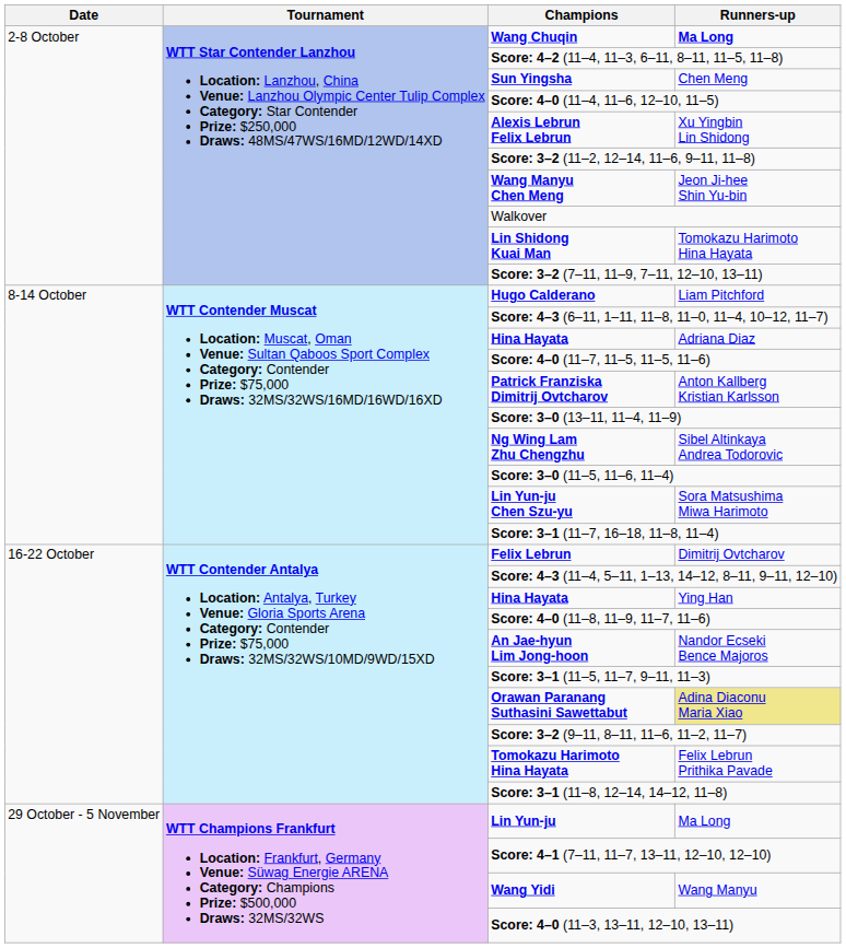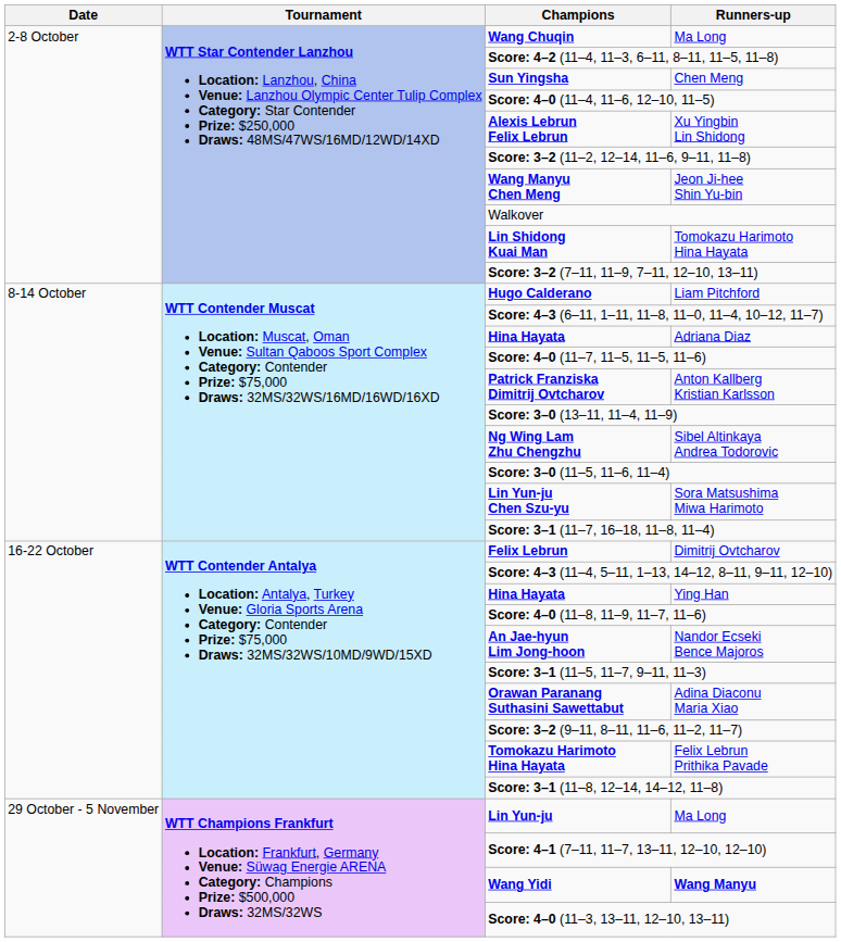 <table class="wikitable">
 <tr>
 <th scope=col>Date</th>
 <th scope=col>Tournament</th>
 <th scope=col>Champions</th>
 <th scope=col>Runners-up</th>
 </tr>
 <tr valign=top>
 <td rowspan=10>2-8 October</td>
 <td style="background:#b0c4ed;" rowspan="10"><br><strong><a href='#'>WTT Star Contender Lanzhou</a></strong><ul><li><strong>Location:</strong> <a href='#'>Lanzhou</a>, <a href='#'>China</a></li><li><strong>Venue:</strong> <a href='#'>Lanzhou Olympic Center Tulip Complex</a></li><li><strong>Category:</strong> Star Contender</li><li><strong>Prize:</strong> $250,000</li><li><strong>Draws:</strong> 48MS/47WS/16MD/12WD/14XD</li></ul></td>
 <td><strong> <a href='#'>Wang Chuqin</a></strong></td>
-<td><strong> <a href='#'>Ma Long</a></strong></td>
+<td> <a href='#'>Ma Long</a></td>
 </tr>
 <tr>
 <td colspan=2><strong>Score: 4–2</strong> (11–4, 11–3, 6–11, 8–11, 11–5, 11–8)</td>
 </tr>
 <tr valign=top>
 <td><strong> <a href='#'>Sun Yingsha</a></strong></td>
 <td> <a href='#'>Chen Meng</a></td>
 </tr>
 <tr>
 <td colspan=2><strong>Score: 4–0</strong> (11–4, 11–6, 12–10, 11–5)</td>
 </tr>
 <tr valign=top>
 <td><strong> <a href='#'>Alexis Lebrun</a><br> <a href='#'>Felix Lebrun</a></strong></td>
 <td> <a href='#'>Xu Yingbin</a><br> <a href='#'>Lin Shidong</a></td>
 </tr>
 <tr>
 <td colspan=2><strong>Score: 3–2</strong> (11–2, 12–14, 11–6, 9–11, 11–8)</td>
 </tr>
 <tr valign=top>
 <td><strong> <a href='#'>Wang Manyu</a><br> <a href='#'>Chen Meng</a></strong></td>
 <td> <a href='#'>Jeon Ji-hee</a><br> <a href='#'>Shin Yu-bin</a></td>
 </tr>
 <tr>
 <td colspan=2>Walkover</td>
 </tr>
 <tr valign=top>
 <td><strong> <a href='#'>Lin Shidong</a><br> <a href='#'>Kuai Man</a></strong></td>
 <td> <a href='#'>Tomokazu Harimoto</a><br> <a href='#'>Hina Hayata</a></td>
 </tr>
 <tr>
 <td colspan=2><strong>Score: 3–2</strong> (7–11, 11–9, 7–11, 12–10, 13–11)</td>
 </tr>
 <tr valign=top>
 <td rowspan=10>8-14 October</td>
 <td style="background:#C9EFFC;" rowspan="10"><br><strong><a href='#'>WTT Contender Muscat</a></strong><ul><li><strong>Location:</strong> <a href='#'>Muscat</a>, <a href='#'>Oman</a></li><li><strong>Venue:</strong> <a href='#'>Sultan Qaboos Sport Complex</a></li><li><strong>Category:</strong> Contender</li><li><strong>Prize:</strong> $75,000</li><li><strong>Draws:</strong> 32MS/32WS/16MD/16WD/16XD</li></ul></td>
 <td><strong> <a href='#'>Hugo Calderano</a></strong></td>
 <td> <a href='#'>Liam Pitchford</a></td>
 </tr>
 <tr>
 <td colspan=2><strong>Score: 4–3</strong> (6–11, 1–11, 11–8, 11–0, 11–4, 10–12, 11–7)</td>
 </tr>
 <tr valign=top>
 <td><strong> <a href='#'>Hina Hayata</a></strong></td>
 <td> <a href='#'>Adriana Diaz</a></td>
 </tr>
 <tr>
 <td colspan=2><strong>Score: 4–0</strong> (11–7, 11–5, 11–5, 11–6)</td>
 </tr>
 <tr valign=top>
 <td><strong> <a href='#'>Patrick Franziska</a><br> <a href='#'>Dimitrij Ovtcharov</a></strong></td>
 <td> <a href='#'>Anton Kallberg</a><br> <a href='#'>Kristian Karlsson</a></td>
 </tr>
 <tr>
 <td colspan=2><strong>Score: 3–0</strong> (13–11, 11–4, 11–9)</td>
 </tr>
 <tr valign=top>
 <td><strong> <a href='#'>Ng Wing Lam</a><br> <a href='#'>Zhu Chengzhu</a></strong></td>
 <td> <a href='#'>Sibel Altinkaya</a><br> <a href='#'>Andrea Todorovic</a></td>
 </tr>
 <tr>
 <td colspan=2><strong>Score: 3–0</strong> (11–5, 11–6, 11–4)</td>
 </tr>
 <tr valign=top>
 <td><strong> <a href='#'>Lin Yun-ju</a><br> <a href='#'>Chen Szu-yu</a></strong></td>
 <td> <a href='#'>Sora Matsushima</a><br> <a href='#'>Miwa Harimoto</a></td>
 </tr>
 <tr>
 <td colspan=2><strong>Score: 3–1</strong> (11–7, 16–18, 11–8, 11–4)</td>
 </tr>
 <tr valign=top>
 <td rowspan=10>16-22 October</td>
 <td style="background:#C9EFFC;" rowspan="10"><br><strong><a href='#'>WTT Contender Antalya</a></strong><ul><li><strong>Location:</strong> <a href='#'>Antalya</a>, <a href='#'>Turkey</a></li><li><strong>Venue:</strong> <a href='#'>Gloria Sports Arena</a></li><li><strong>Category:</strong> Contender</li><li><strong>Prize:</strong> $75,000</li><li><strong>Draws:</strong> 32MS/32WS/10MD/9WD/15XD</li></ul></td>
 <td><strong> <a href='#'>Felix Lebrun</a></strong></td>
 <td> <a href='#'>Dimitrij Ovtcharov</a></td>
 </tr>
 <tr>
 <td colspan=2><strong>Score: 4–3</strong> (11–4, 5–11, 1–13, 14–12, 8–11, 9–11, 12–10)</td>
 </tr>
 <tr valign=top>
 <td><strong> <a href='#'>Hina Hayata</a></strong></td>
 <td> <a href='#'>Ying Han</a></td>
 </tr>
 <tr>
 <td colspan=2><strong>Score: 4–0</strong> (11–8, 11–9, 11–7, 11–6)</td>
 </tr>
 <tr valign=top>
 <td><strong> <a href='#'>An Jae-hyun</a><br> <a href='#'>Lim Jong-hoon</a></strong></td>
 <td> <a href='#'>Nandor Ecseki</a><br> <a href='#'>Bence Majoros</a></td>
 </tr>
 <tr>
 <td colspan=2><strong>Score: 3–1</strong> (11–5, 11–7, 9–11, 11–3)</td>
 </tr>
 <tr valign=top>
 <td><strong> <a href='#'>Orawan Paranang</a><br> <a href='#'>Suthasini Sawettabut</a></strong></td>
-<td style="background: khaki;"> <a href='#'>Adina Diaconu</a><br> <a href='#'>Maria Xiao</a></td>
+<td> <a href='#'>Adina Diaconu</a><br> <a href='#'>Maria Xiao</a></td>
 </tr>
 <tr>
 <td colspan=2><strong>Score: 3–2</strong> (9–11, 8–11, 11–6, 11–2, 11–7)</td>
 </tr>
 <tr valign=top>
 <td><strong> <a href='#'>Tomokazu Harimoto</a><br> <a href='#'>Hina Hayata</a></strong></td>
 <td> <a href='#'>Felix Lebrun</a><br> <a href='#'>Prithika Pavade</a></td>
 </tr>
 <tr>
 <td colspan=2><strong>Score: 3–1</strong> (11–8, 12–14, 14–12, 11–8)</td>
 </tr>
 <tr valign=top>
 <td rowspan=4>29 October - 5 November</td>
 <td style="background:#EBC7F9;" rowspan="4"><br><strong><a href='#'>WTT Champions Frankfurt</a></strong><ul><li><strong>Location:</strong> <a href='#'>Frankfurt</a>, <a href='#'>Germany</a></li><li><strong>Venue:</strong> <a href='#'>Süwag Energie ARENA</a></li><li><strong>Category:</strong> Champions</li><li><strong>Prize:</strong> $500,000</li><li><strong>Draws:</strong> 32MS/32WS</li></ul></td>
 <td valign=middle><strong> <a href='#'>Lin Yun-ju</a></strong></td>
 <td valign=middle> <a href='#'>Ma Long</a></td>
 </tr>
 <tr>
 <td colspan=2><strong>Score: 4–1</strong> (7–11, 11–7, 13–11, 12–10, 12–10)</td>
 </tr>
 <tr valign=middle>
 <td><strong> <a href='#'>Wang Yidi</a></strong></td>
-<td> <a href='#'>Wang Manyu</a></td>
+<td><strong> <a href='#'>Wang Manyu</a></strong></td>
 </tr>
 <tr>
 <td colspan=2><strong>Score: 4–0</strong> (11–3, 13–11, 12–10, 13–11)</td>
 </tr>
 </table>
